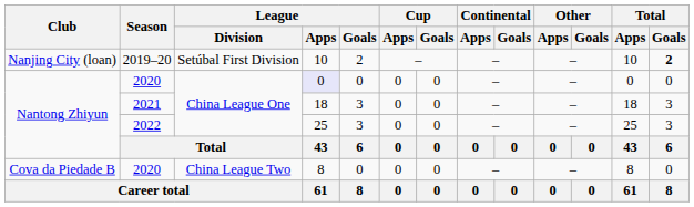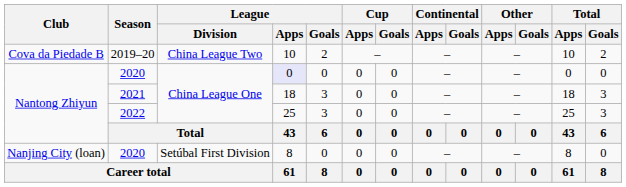 <table class="wikitable" style="text-align: center">
 <tr>
 <th rowspan="2">Club</th>
 <th rowspan="2">Season</th>
 <th colspan="3">League</th>
 <th colspan="2">Cup</th>
 <th colspan="2">Continental</th>
 <th colspan="2">Other</th>
 <th colspan="2">Total</th>
 </tr>
 <tr>
 <th>Division</th>
 <th>Apps</th>
 <th>Goals</th>
 <th>Apps</th>
 <th>Goals</th>
 <th>Apps</th>
 <th>Goals</th>
 <th>Apps</th>
 <th>Goals</th>
 <th>Apps</th>
 <th>Goals</th>
 </tr>
 <tr>
-<td><a href='#'>Nanjing City</a> (loan)</td>
+<td><a href='#'>Cova da Piedade B</a></td>
 <td>2019–20</td>
-<td>Setúbal First Division</td>
+<td><a href='#'>China League Two</a></td>
 <td>10</td>
 <td>2</td>
 <td colspan="2">–</td>
 <td colspan="2">–</td>
 <td colspan="2">–</td>
 <td>10</td>
-<td><strong>2</strong></td>
+<td>2</td>
 </tr>
 <tr>
 <td rowspan="4"><a href='#'>Nantong Zhiyun</a></td>
 <td><a href='#'>2020</a></td>
 <td rowspan="3"><a href='#'>China League One</a></td>
 <td style="background: lavender;">0</td>
 <td>0</td>
 <td>0</td>
 <td>0</td>
 <td colspan="2">–</td>
 <td colspan="2">–</td>
 <td>0</td>
 <td>0</td>
 </tr>
 <tr>
 <td><a href='#'>2021</a></td>
 <td>18</td>
 <td>3</td>
 <td>0</td>
 <td>0</td>
 <td colspan="2">–</td>
 <td colspan="2">–</td>
 <td>18</td>
 <td>3</td>
 </tr>
 <tr>
 <td><a href='#'>2022</a></td>
 <td>25</td>
 <td>3</td>
 <td>0</td>
 <td>0</td>
 <td colspan="2">–</td>
 <td colspan="2">–</td>
 <td>25</td>
 <td>3</td>
 </tr>
 <tr>
 <th colspan=2>Total</th>
 <th>43</th>
 <th>6</th>
 <th>0</th>
 <th>0</th>
 <th>0</th>
 <th>0</th>
 <th>0</th>
 <th>0</th>
 <th>43</th>
 <th>6</th>
 </tr>
 <tr>
-<td><a href='#'>Cova da Piedade B</a></td>
+<td><a href='#'>Nanjing City</a> (loan)</td>
 <td><a href='#'>2020</a></td>
-<td><a href='#'>China League Two</a></td>
+<td>Setúbal First Division</td>
 <td>8</td>
 <td>0</td>
 <td>0</td>
 <td>0</td>
 <td colspan="2">–</td>
 <td colspan="2">–</td>
 <td>8</td>
 <td>0</td>
 </tr>
 <tr>
 <th colspan=3>Career total</th>
 <th>61</th>
 <th>8</th>
 <th>0</th>
 <th>0</th>
 <th>0</th>
 <th>0</th>
 <th>0</th>
 <th>0</th>
 <th>61</th>
 <th>8</th>
 </tr>
 </table>
